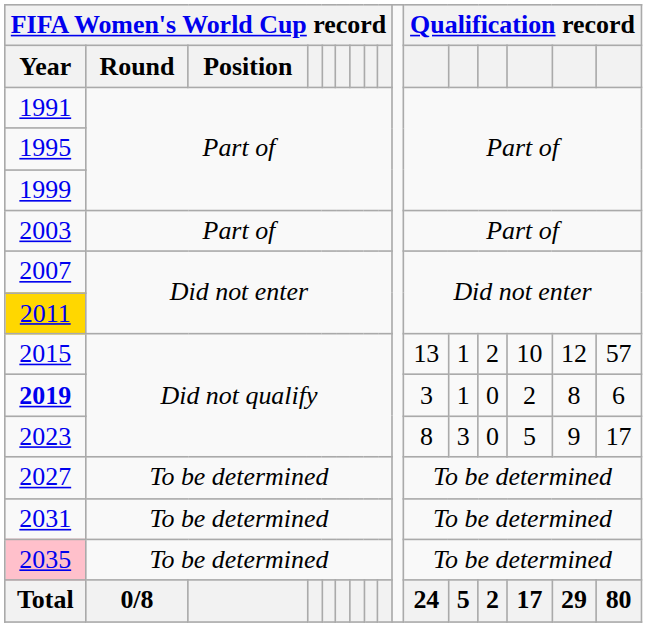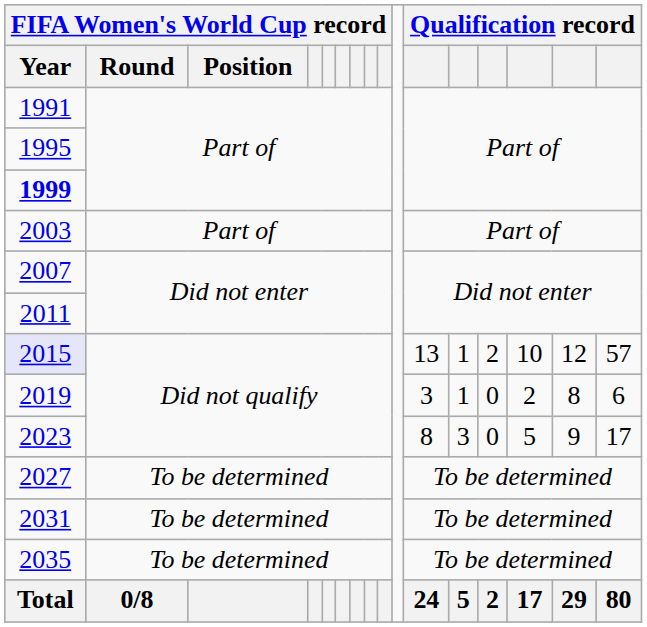 <table class="wikitable" style="text-align: center">
 <tr>
 <th colspan=9><a href='#'>FIFA Women's World Cup</a> record</th>
 <td rowspan=100></td>
 <th colspan=7><a href='#'>Qualification</a> record</th>
 </tr>
 <tr>
 <th>Year</th>
 <th>Round</th>
 <th>Position</th>
 <th></th>
 <th></th>
 <th></th>
 <th></th>
 <th></th>
 <th></th>
 <th></th>
 <th></th>
 <th></th>
 <th></th>
 <th></th>
 <th></th>
 </tr>
 <tr>
 <td> <a href='#'>1991</a></td>
 <td rowspan=3 colspan=8><em>Part of </em></td>
 <td rowspan=3 colspan=6><em>Part of </em></td>
 </tr>
 <tr>
 <td> <a href='#'>1995</a></td>
 </tr>
 <tr>
-<td> <a href='#'>1999</a></td>
+<td><strong> <a href='#'>1999</a></strong></td>
 </tr>
 <tr>
 <td> <a href='#'>2003</a></td>
 <td colspan=8><em>Part of </em></td>
 <td colspan=6><em>Part of </em></td>
 </tr>
 <tr>
 <td> <a href='#'>2007</a></td>
 <td colspan=8 rowspan=2><em>Did not enter</em></td>
 <td colspan=6 rowspan=2><em>Did not enter</em></td>
 </tr>
 <tr>
-<td style="background: gold;"> <a href='#'>2011</a></td>
+<td> <a href='#'>2011</a></td>
 </tr>
 <tr>
-<td> <a href='#'>2015</a></td>
+<td style="background: lavender;"> <a href='#'>2015</a></td>
 <td colspan=8 rowspan=3><em>Did not qualify</em></td>
 <td>13</td>
 <td>1</td>
 <td>2</td>
 <td>10</td>
 <td>12</td>
 <td>57</td>
 </tr>
 <tr>
-<td><strong> <a href='#'>2019</a></strong></td>
+<td> <a href='#'>2019</a></td>
 <td>3</td>
 <td>1</td>
 <td>0</td>
 <td>2</td>
 <td>8</td>
 <td>6</td>
 </tr>
 <tr>
 <td>  <a href='#'>2023</a></td>
 <td>8</td>
 <td>3</td>
 <td>0</td>
 <td>5</td>
 <td>9</td>
 <td>17</td>
 </tr>
 <tr>
 <td> <a href='#'>2027</a></td>
 <td colspan=8><em>To be determined</em></td>
 <td colspan=6><em>To be determined</em></td>
 </tr>
 <tr>
 <td> <a href='#'>2031</a></td>
 <td colspan=8><em>To be determined</em></td>
 <td colspan=6><em>To be determined</em></td>
 </tr>
 <tr>
-<td style="background: pink;"> <a href='#'>2035</a></td>
+<td> <a href='#'>2035</a></td>
 <td colspan=8><em>To be determined</em></td>
 <td colspan=6><em>To be determined</em></td>
 </tr>
 <tr>
 <th><strong>Total</strong></th>
 <th>0/8</th>
 <th></th>
 <th></th>
 <th></th>
 <th></th>
 <th></th>
 <th></th>
 <th></th>
 <th><strong>24</strong></th>
 <th><strong>5</strong></th>
 <th><strong>2</strong></th>
 <th><strong>17</strong></th>
 <th><strong>29</strong></th>
 <th><strong>80</strong></th>
 </tr>
 </table>
